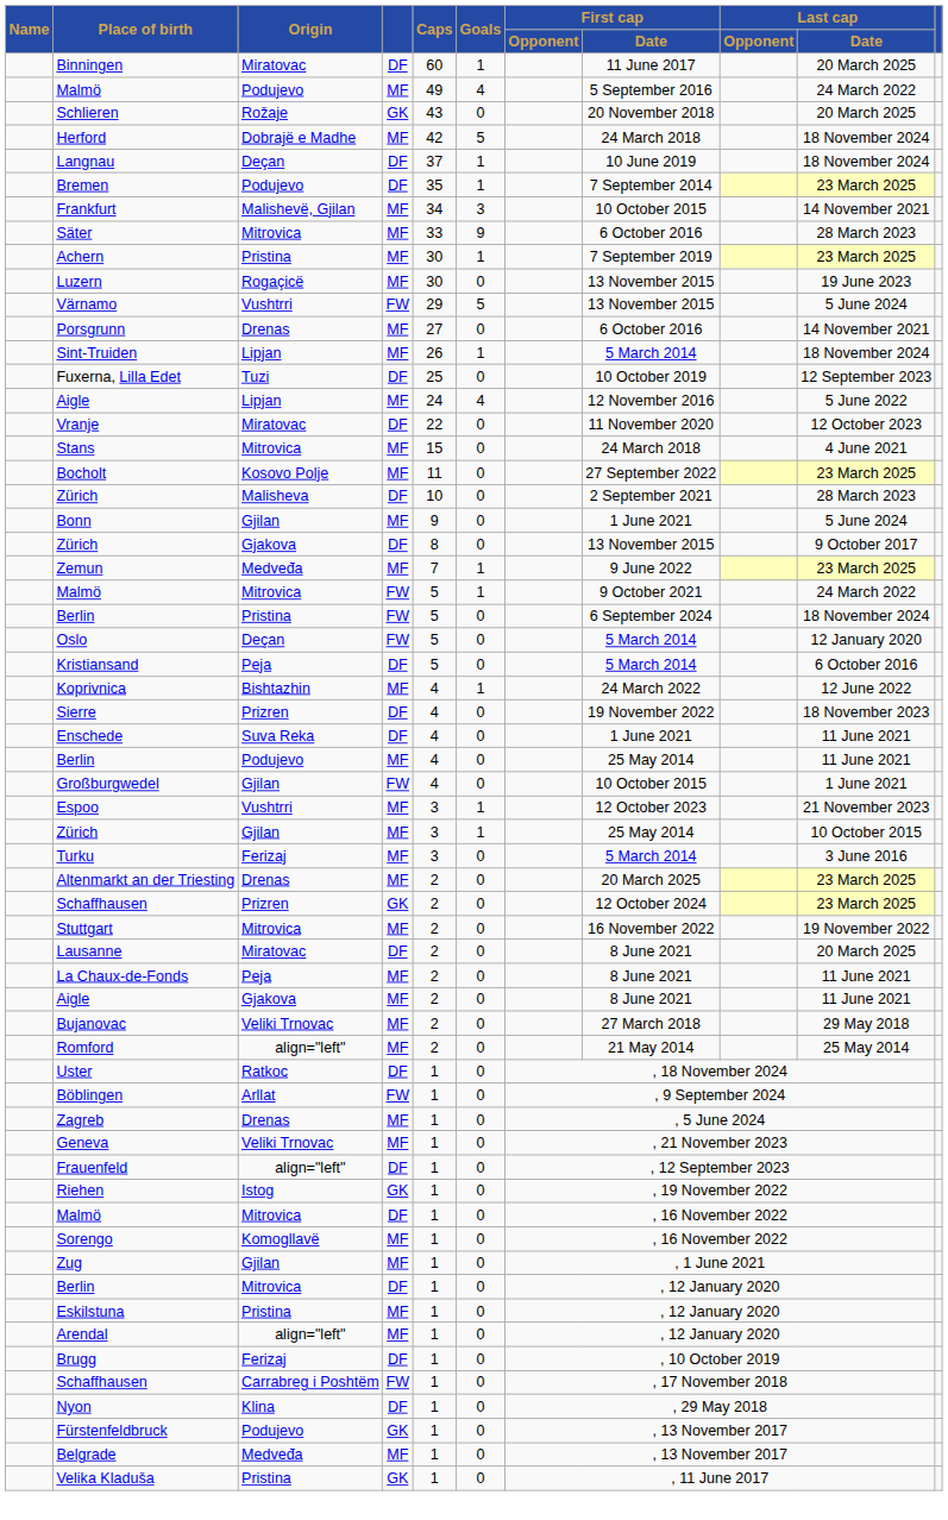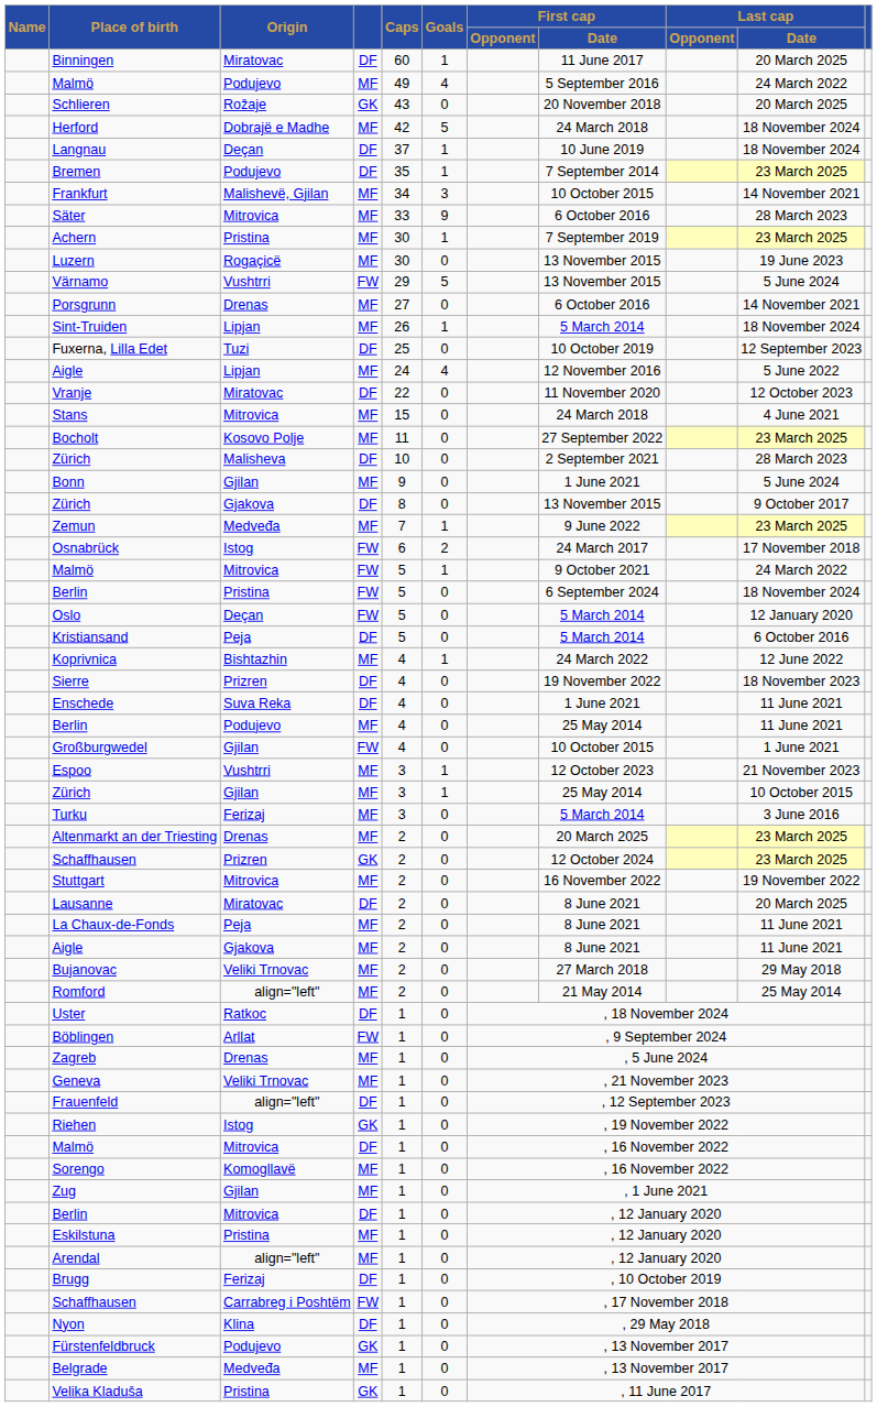 <table class="wikitable" style="text-align: center;font-size:88%;">
 <tr>
 <th rowspan="2" style="background: #244AA5; color: #D0A650;">Name</th>
 <th rowspan="2" style="background: #244AA5; color: #D0A650;">Place of birth</th>
 <th rowspan="2" style="background: #244AA5; color: #D0A650;">Origin</th>
 <th rowspan="2" style="background: #244AA5; color: #D0A650;"></th>
 <th rowspan="2" style="background: #244AA5; color: #D0A650;">Caps</th>
 <th rowspan="2" style="background: #244AA5; color: #D0A650;">Goals</th>
 <th colspan="2" style="background: #244AA5; color: #D0A650;">First cap</th>
 <th colspan="2" style="background: #244AA5; color: #D0A650;">Last cap</th>
 <th rowspan="2" style="background: #244AA5; color: #D0A650;"></th>
 </tr>
 <tr>
 <th style="background: #244AA5; color: #D0A650;">Opponent</th>
 <th style="background: #244AA5; color: #D0A650;">Date</th>
 <th style="background: #244AA5; color: #D0A650;">Opponent</th>
 <th style="background: #244AA5; color: #D0A650;">Date</th>
 </tr>
 <tr>
 <td align="left"><strong></strong></td>
 <td align="left"> <a href='#'>Binningen</a></td>
 <td align="left"><a href='#'>Miratovac</a></td>
 <td><a href='#'>DF</a></td>
 <td>60</td>
 <td>1</td>
 <td align="left"></td>
 <td>11 June 2017</td>
 <td align="left"></td>
 <td>20 March 2025</td>
 <td></td>
 </tr>
 <tr>
 <td align="left"><strong></strong></td>
 <td align="left"> <a href='#'>Malmö</a></td>
 <td align="left"><a href='#'>Podujevo</a></td>
 <td><a href='#'>MF</a></td>
 <td>49</td>
 <td>4</td>
 <td align="left"></td>
 <td>5 September 2016</td>
 <td align="left"></td>
 <td>24 March 2022</td>
 <td></td>
 </tr>
 <tr>
 <td align="left"><strong></strong></td>
 <td align="left"> <a href='#'>Schlieren</a></td>
 <td align="left"><a href='#'>Rožaje</a></td>
 <td><a href='#'>GK</a></td>
 <td>43</td>
 <td>0</td>
 <td align="left"></td>
 <td>20 November 2018</td>
 <td align="left"></td>
 <td>20 March 2025</td>
 <td></td>
 </tr>
 <tr>
 <td align="left"><strong></strong></td>
 <td align="left"> <a href='#'>Herford</a></td>
 <td align="left"><a href='#'>Dobrajë e Madhe</a></td>
 <td><a href='#'>MF</a></td>
 <td>42</td>
 <td>5</td>
 <td align="left"></td>
 <td>24 March 2018</td>
 <td align="left"></td>
 <td>18 November 2024</td>
 <td></td>
 </tr>
 <tr>
 <td align="left"><strong></strong></td>
 <td align="left"> <a href='#'>Langnau</a></td>
 <td align="left"><a href='#'>Deçan</a></td>
 <td><a href='#'>DF</a></td>
 <td>37</td>
 <td>1</td>
 <td align="left"></td>
 <td>10 June 2019</td>
 <td align="left"></td>
 <td>18 November 2024</td>
 <td></td>
 </tr>
 <tr>
 <td align="left"><strong></strong></td>
 <td align="left"> <a href='#'>Bremen</a></td>
 <td align="left"><a href='#'>Podujevo</a></td>
 <td><a href='#'>DF</a></td>
 <td>35</td>
 <td>1</td>
 <td align="left"></td>
 <td>7 September 2014</td>
 <td align="left" bgcolor="#FFFFBB"></td>
 <td bgcolor="#FFFFBB">23 March 2025</td>
 <td></td>
 </tr>
 <tr>
 <td align="left"></td>
 <td align="left"> <a href='#'>Frankfurt</a></td>
 <td align="left"><a href='#'>Malishevë, Gjilan</a></td>
 <td><a href='#'>MF</a></td>
 <td>34</td>
 <td>3</td>
 <td align="left"></td>
 <td>10 October 2015</td>
 <td align="left"></td>
 <td>14 November 2021</td>
 <td></td>
 </tr>
 <tr>
 <td align="left"><strong></strong></td>
 <td align="left"> <a href='#'>Säter</a></td>
 <td align="left"><a href='#'>Mitrovica</a></td>
 <td><a href='#'>MF</a></td>
 <td>33</td>
 <td>9</td>
 <td align="left"></td>
 <td>6 October 2016</td>
 <td align="left"></td>
 <td>28 March 2023</td>
 <td></td>
 </tr>
 <tr>
 <td align="left"><strong></strong></td>
 <td align="left"> <a href='#'>Achern</a></td>
 <td align="left"><a href='#'>Pristina</a></td>
 <td><a href='#'>MF</a></td>
 <td>30</td>
 <td>1</td>
 <td align="left"></td>
 <td>7 September 2019</td>
 <td align="left" bgcolor="#FFFFBB"></td>
 <td bgcolor="#FFFFBB">23 March 2025</td>
 <td></td>
 </tr>
 <tr>
 <td align="left"></td>
 <td align="left"> <a href='#'>Luzern</a></td>
 <td align="left"><a href='#'>Rogaçicë</a></td>
 <td><a href='#'>MF</a></td>
 <td>30</td>
 <td>0</td>
 <td align="left"></td>
 <td>13 November 2015</td>
 <td align="left"></td>
 <td>19 June 2023</td>
 <td></td>
 </tr>
 <tr>
 <td align="left"><strong></strong></td>
 <td align="left"> <a href='#'>Värnamo</a></td>
 <td align="left"><a href='#'>Vushtrri</a></td>
 <td><a href='#'>FW</a></td>
 <td>29</td>
 <td>5</td>
 <td align="left"></td>
 <td>13 November 2015</td>
 <td align="left"></td>
 <td>5 June 2024</td>
 <td></td>
 </tr>
 <tr>
 <td align="left"></td>
 <td align="left"> <a href='#'>Porsgrunn</a></td>
 <td align="left"><a href='#'>Drenas</a></td>
 <td><a href='#'>MF</a></td>
 <td>27</td>
 <td>0</td>
 <td align="left"></td>
 <td>6 October 2016</td>
 <td align="left"></td>
 <td>14 November 2021</td>
 <td></td>
 </tr>
 <tr>
 <td align="left"><strong></strong></td>
 <td align="left"> <a href='#'>Sint-Truiden</a></td>
 <td align="left"><a href='#'>Lipjan</a></td>
 <td><a href='#'>MF</a></td>
 <td>26</td>
 <td>1</td>
 <td align="left"></td>
 <td><a href='#'>5 March 2014</a></td>
 <td align="left"></td>
 <td>18 November 2024</td>
 <td></td>
 </tr>
 <tr>
 <td align="left"></td>
 <td align="left"> Fuxerna, <a href='#'>Lilla Edet</a></td>
 <td align="left"><a href='#'>Tuzi</a></td>
 <td><a href='#'>DF</a></td>
 <td>25</td>
 <td>0</td>
 <td align="left"></td>
 <td>10 October 2019</td>
 <td align="left"></td>
 <td>12 September 2023</td>
 <td></td>
 </tr>
 <tr>
 <td align="left"></td>
 <td align="left"> <a href='#'>Aigle</a></td>
 <td align="left"><a href='#'>Lipjan</a></td>
 <td><a href='#'>MF</a></td>
 <td>24</td>
 <td>4</td>
 <td align="left"></td>
 <td>12 November 2016</td>
 <td align="left"></td>
 <td>5 June 2022</td>
 <td></td>
 </tr>
 <tr>
 <td align="left"></td>
 <td align="left"> <a href='#'>Vranje</a></td>
 <td align="left"><a href='#'>Miratovac</a></td>
 <td><a href='#'>DF</a></td>
 <td>22</td>
 <td>0</td>
 <td align="left"></td>
 <td>11 November 2020</td>
 <td align="left"></td>
 <td>12 October 2023</td>
 <td></td>
 </tr>
 <tr>
 <td align="left"><strong></strong></td>
 <td align="left"> <a href='#'>Stans</a></td>
 <td align="left"><a href='#'>Mitrovica</a></td>
 <td><a href='#'>MF</a></td>
 <td>15</td>
 <td>0</td>
 <td align="left"></td>
 <td>24 March 2018</td>
 <td align="left"></td>
 <td>4 June 2021</td>
 <td></td>
 </tr>
 <tr>
 <td align="left"><strong></strong></td>
 <td align="left"> <a href='#'>Bocholt</a></td>
 <td align="left"><a href='#'>Kosovo Polje</a></td>
 <td><a href='#'>MF</a></td>
 <td>11</td>
 <td>0</td>
 <td align="left"></td>
 <td>27 September 2022</td>
 <td align="left" bgcolor="#FFFFBB"></td>
 <td bgcolor="#FFFFBB">23 March 2025</td>
 <td></td>
 </tr>
 <tr>
 <td align="left"><strong></strong></td>
 <td align="left"> <a href='#'>Zürich</a></td>
 <td align="left"><a href='#'>Malisheva</a></td>
 <td><a href='#'>DF</a></td>
 <td>10</td>
 <td>0</td>
 <td align="left"></td>
 <td>2 September 2021</td>
 <td align="left"></td>
 <td>28 March 2023</td>
 <td></td>
 </tr>
 <tr>
 <td align="left"><strong></strong></td>
 <td align="left"> <a href='#'>Bonn</a></td>
 <td align="left"><a href='#'>Gjilan</a></td>
 <td><a href='#'>MF</a></td>
 <td>9</td>
 <td>0</td>
 <td align="left"></td>
 <td>1 June 2021</td>
 <td align="left"></td>
 <td>5 June 2024</td>
 <td></td>
 </tr>
 <tr>
 <td align="left"></td>
 <td align="left"> <a href='#'>Zürich</a></td>
 <td align="left"><a href='#'>Gjakova</a></td>
 <td><a href='#'>DF</a></td>
 <td>8</td>
 <td>0</td>
 <td align="left"></td>
 <td>13 November 2015</td>
 <td align="left"></td>
 <td>9 October 2017</td>
 <td></td>
 </tr>
 <tr>
 <td align="left"><strong></strong></td>
 <td align="left"> <a href='#'>Zemun</a></td>
 <td align="left"><a href='#'>Medveđa</a></td>
 <td><a href='#'>MF</a></td>
 <td>7</td>
 <td>1</td>
 <td align="left"></td>
 <td>9 June 2022</td>
 <td align="left" bgcolor="#FFFFBB"></td>
 <td bgcolor="#FFFFBB">23 March 2025</td>
+<td></td>
+</tr>
+<tr>
+<td align="left"></td>
+<td align="left"> <a href='#'>Osnabrück</a></td>
+<td align="left"><a href='#'>Istog</a></td>
+<td><a href='#'>FW</a></td>
+<td>6</td>
+<td>2</td>
+<td align="left"></td>
+<td>24 March 2017</td>
+<td align="left"></td>
+<td>17 November 2018</td>
 <td></td>
 </tr>
 <tr>
 <td align="left"></td>
 <td align="left"> <a href='#'>Malmö</a></td>
 <td align="left"><a href='#'>Mitrovica</a></td>
 <td><a href='#'>FW</a></td>
 <td>5</td>
 <td>1</td>
 <td align="left"></td>
 <td>9 October 2021</td>
 <td align="left"></td>
 <td>24 March 2022</td>
 <td></td>
 </tr>
 <tr>
 <td align="left"><strong></strong></td>
 <td align="left"> <a href='#'>Berlin</a></td>
 <td align="left"><a href='#'>Pristina</a></td>
 <td><a href='#'>FW</a></td>
 <td>5</td>
 <td>0</td>
 <td align="left"></td>
 <td>6 September 2024</td>
 <td align="left"></td>
 <td>18 November 2024</td>
 <td></td>
 </tr>
 <tr>
 <td align="left"></td>
 <td align="left"> <a href='#'>Oslo</a></td>
 <td align="left"><a href='#'>Deçan</a></td>
 <td><a href='#'>FW</a></td>
 <td>5</td>
 <td>0</td>
 <td align="left"></td>
 <td><a href='#'>5 March 2014</a></td>
 <td align="left"></td>
 <td>12 January 2020</td>
 <td></td>
 </tr>
 <tr>
 <td align="left"></td>
 <td align="left"> <a href='#'>Kristiansand</a></td>
 <td align="left"><a href='#'>Peja</a></td>
 <td><a href='#'>DF</a></td>
 <td>5</td>
 <td>0</td>
 <td align="left"></td>
 <td><a href='#'>5 March 2014</a></td>
 <td align="left"></td>
 <td>6 October 2016</td>
 <td></td>
 </tr>
 <tr>
 <td align="left"></td>
 <td align="left"> <a href='#'>Koprivnica</a></td>
 <td align="left"><a href='#'>Bishtazhin</a></td>
 <td><a href='#'>MF</a></td>
 <td>4</td>
 <td>1</td>
 <td align="left"></td>
 <td>24 March 2022</td>
 <td align="left"></td>
 <td>12 June 2022</td>
 <td></td>
 </tr>
 <tr>
 <td align="left"><strong></strong></td>
 <td align="left"> <a href='#'>Sierre</a></td>
 <td align="left"><a href='#'>Prizren</a></td>
 <td><a href='#'>DF</a></td>
 <td>4</td>
 <td>0</td>
 <td align="left"></td>
 <td>19 November 2022</td>
 <td align="left"></td>
 <td>18 November 2023</td>
 <td></td>
 </tr>
 <tr>
 <td align="left"></td>
 <td align="left"> <a href='#'>Enschede</a></td>
 <td align="left"><a href='#'>Suva Reka</a></td>
 <td><a href='#'>DF</a></td>
 <td>4</td>
 <td>0</td>
 <td align="left"></td>
 <td>1 June 2021</td>
 <td align="left"></td>
 <td>11 June 2021</td>
 <td></td>
 </tr>
 <tr>
 <td align="left"></td>
 <td align="left"> <a href='#'>Berlin</a></td>
 <td align="left"><a href='#'>Podujevo</a></td>
 <td><a href='#'>MF</a></td>
 <td>4</td>
 <td>0</td>
 <td align="left"></td>
 <td>25 May 2014</td>
 <td align="left"></td>
 <td>11 June 2021</td>
 <td></td>
 </tr>
 <tr>
 <td align="left"></td>
 <td align="left"> <a href='#'>Großburgwedel</a></td>
 <td align="left"><a href='#'>Gjilan</a></td>
 <td><a href='#'>FW</a></td>
 <td>4</td>
 <td>0</td>
 <td align="left"></td>
 <td>10 October 2015</td>
 <td align="left"></td>
 <td>1 June 2021</td>
 <td></td>
 </tr>
 <tr>
 <td align="left"><strong></strong></td>
 <td align="left"> <a href='#'>Espoo</a></td>
 <td align="left"><a href='#'>Vushtrri</a></td>
 <td><a href='#'>MF</a></td>
 <td>3</td>
 <td>1</td>
 <td align="left"></td>
 <td>12 October 2023</td>
 <td align="left"></td>
 <td>21 November 2023</td>
 <td></td>
 </tr>
 <tr>
 <td align="left"></td>
 <td align="left"> <a href='#'>Zürich</a></td>
 <td align="left"><a href='#'>Gjilan</a></td>
 <td><a href='#'>MF</a></td>
 <td>3</td>
 <td>1</td>
 <td align="left"></td>
 <td>25 May 2014</td>
 <td align="left"></td>
 <td>10 October 2015</td>
 <td></td>
 </tr>
 <tr>
 <td align="left"></td>
 <td align="left"> <a href='#'>Turku</a></td>
 <td align="left"><a href='#'>Ferizaj</a></td>
 <td><a href='#'>MF</a></td>
 <td>3</td>
 <td>0</td>
 <td align="left"></td>
 <td><a href='#'>5 March 2014</a></td>
 <td align="left"></td>
 <td>3 June 2016</td>
 <td></td>
 </tr>
 <tr>
 <td align="left"><strong></strong></td>
 <td align="left"> <a href='#'>Altenmarkt an der Triesting</a></td>
 <td align="left"><a href='#'>Drenas</a></td>
 <td><a href='#'>MF</a></td>
 <td>2</td>
 <td>0</td>
 <td align="left"></td>
 <td>20 March 2025</td>
 <td align="left" bgcolor="#FFFFBB"></td>
 <td bgcolor="#FFFFBB">23 March 2025</td>
 <td></td>
 </tr>
 <tr>
 <td align="left"><strong></strong></td>
 <td align="left"> <a href='#'>Schaffhausen</a></td>
 <td align="left"><a href='#'>Prizren</a></td>
 <td><a href='#'>GK</a></td>
 <td>2</td>
 <td>0</td>
 <td align="left"></td>
 <td>12 October 2024</td>
 <td align="left" bgcolor="#FFFFBB"></td>
 <td bgcolor="#FFFFBB">23 March 2025</td>
 <td></td>
 </tr>
 <tr>
 <td align="left"></td>
 <td align="left"> <a href='#'>Stuttgart</a></td>
 <td align="left"><a href='#'>Mitrovica</a></td>
 <td><a href='#'>MF</a></td>
 <td>2</td>
 <td>0</td>
 <td align="left"></td>
 <td>16 November 2022</td>
 <td align="left"></td>
 <td>19 November 2022</td>
 <td></td>
 </tr>
 <tr>
 <td align="left"></td>
 <td align="left"> <a href='#'>Lausanne</a></td>
 <td align="left"><a href='#'>Miratovac</a></td>
 <td><a href='#'>DF</a></td>
 <td>2</td>
 <td>0</td>
 <td align="left"></td>
 <td>8 June 2021</td>
 <td align="left"></td>
 <td>20 March 2025</td>
 <td></td>
 </tr>
 <tr>
 <td align="left"></td>
 <td align="left"> <a href='#'>La Chaux-de-Fonds</a></td>
 <td align="left"><a href='#'>Peja</a></td>
 <td><a href='#'>MF</a></td>
 <td>2</td>
 <td>0</td>
 <td align="left"></td>
 <td>8 June 2021</td>
 <td align="left"></td>
 <td>11 June 2021</td>
 <td></td>
 </tr>
 <tr>
 <td align="left"></td>
 <td align="left"> <a href='#'>Aigle</a></td>
 <td align="left"><a href='#'>Gjakova</a></td>
 <td><a href='#'>MF</a></td>
 <td>2</td>
 <td>0</td>
 <td align="left"></td>
 <td>8 June 2021</td>
 <td align="left"></td>
 <td>11 June 2021</td>
 <td></td>
 </tr>
 <tr>
 <td align="left"></td>
 <td align="left"> <a href='#'>Bujanovac</a></td>
 <td align="left"><a href='#'>Veliki Trnovac</a></td>
 <td><a href='#'>MF</a></td>
 <td>2</td>
 <td>0</td>
 <td align="left"></td>
 <td>27 March 2018</td>
 <td align="left"></td>
 <td>29 May 2018</td>
 <td></td>
 </tr>
 <tr>
 <td align="left"></td>
 <td align="left"> <a href='#'>Romford</a></td>
 <td>align="left" </td>
 <td><a href='#'>MF</a></td>
 <td>2</td>
 <td>0</td>
 <td align="left"></td>
 <td>21 May 2014</td>
 <td align="left"></td>
 <td>25 May 2014</td>
 <td></td>
 </tr>
 <tr>
 <td align="left"><strong></strong></td>
 <td align="left"> <a href='#'>Uster</a></td>
 <td align="left"><a href='#'>Ratkoc</a></td>
 <td><a href='#'>DF</a></td>
 <td>1</td>
 <td>0</td>
 <td align="centre" colspan="4">, 18 November 2024</td>
 <td></td>
 </tr>
 <tr>
 <td align="left"><strong></strong></td>
 <td align="left"> <a href='#'>Böblingen</a></td>
 <td align="left"><a href='#'>Arllat</a></td>
 <td><a href='#'>FW</a></td>
 <td>1</td>
 <td>0</td>
 <td align="centre" colspan="4">, 9 September 2024</td>
 <td></td>
 </tr>
 <tr>
 <td align="left"><strong></strong></td>
 <td align="left"> <a href='#'>Zagreb</a></td>
 <td align="left"><a href='#'>Drenas</a></td>
 <td><a href='#'>MF</a></td>
 <td>1</td>
 <td>0</td>
 <td align="centre" colspan="4">, 5 June 2024</td>
 <td></td>
 </tr>
 <tr>
 <td align="left"><strong></strong></td>
 <td align="left"> <a href='#'>Geneva</a></td>
 <td align="left"><a href='#'>Veliki Trnovac</a></td>
 <td><a href='#'>MF</a></td>
 <td>1</td>
 <td>0</td>
 <td align="centre" colspan="4">, 21 November 2023</td>
 <td></td>
 </tr>
 <tr>
 <td align="left"></td>
 <td align="left"> <a href='#'>Frauenfeld</a></td>
 <td>align="left" </td>
 <td><a href='#'>DF</a></td>
 <td>1</td>
 <td>0</td>
 <td align="centre" colspan="4">, 12 September 2023</td>
 <td></td>
 </tr>
 <tr>
 <td align="left"></td>
 <td align="left"> <a href='#'>Riehen</a></td>
 <td align="left"><a href='#'>Istog</a></td>
 <td><a href='#'>GK</a></td>
 <td>1</td>
 <td>0</td>
 <td align="centre" colspan="4">, 19 November 2022</td>
 <td></td>
 </tr>
 <tr>
 <td align="left"></td>
 <td align="left"> <a href='#'>Malmö</a></td>
 <td align="left"><a href='#'>Mitrovica</a></td>
 <td><a href='#'>DF</a></td>
 <td>1</td>
 <td>0</td>
 <td align="centre" colspan="4">, 16 November 2022</td>
 <td></td>
 </tr>
 <tr>
 <td align="left"></td>
 <td align="left"> <a href='#'>Sorengo</a></td>
 <td align="left"><a href='#'>Komogllavë</a></td>
 <td><a href='#'>MF</a></td>
 <td>1</td>
 <td>0</td>
 <td align="centre" colspan="4">, 16 November 2022</td>
 <td></td>
 </tr>
 <tr>
 <td align="left"></td>
 <td align="left"> <a href='#'>Zug</a></td>
 <td align="left"><a href='#'>Gjilan</a></td>
 <td><a href='#'>MF</a></td>
 <td>1</td>
 <td>0</td>
 <td align="centre" colspan="4">, 1 June 2021</td>
 <td></td>
 </tr>
 <tr>
 <td align="left"></td>
 <td align="left"> <a href='#'>Berlin</a></td>
 <td align="left"><a href='#'>Mitrovica</a></td>
 <td><a href='#'>DF</a></td>
 <td>1</td>
 <td>0</td>
 <td align="centre" colspan="4">, 12 January 2020</td>
 <td></td>
 </tr>
 <tr>
 <td align="left"><strong></strong></td>
 <td align="left"> <a href='#'>Eskilstuna</a></td>
 <td align="left"><a href='#'>Pristina</a></td>
 <td><a href='#'>MF</a></td>
 <td>1</td>
 <td>0</td>
 <td align="centre" colspan="4">, 12 January 2020</td>
 <td></td>
 </tr>
 <tr>
 <td align="left"></td>
 <td align="left"> <a href='#'>Arendal</a></td>
 <td>align="left" </td>
 <td><a href='#'>MF</a></td>
 <td>1</td>
 <td>0</td>
 <td align="centre" colspan="4">, 12 January 2020</td>
 <td></td>
 </tr>
 <tr>
 <td align="left"></td>
 <td align="left"> <a href='#'>Brugg</a></td>
 <td align="left"><a href='#'>Ferizaj</a></td>
 <td><a href='#'>DF</a></td>
 <td>1</td>
 <td>0</td>
 <td align="centre" colspan="4">, 10 October 2019</td>
 <td></td>
 </tr>
 <tr>
 <td align="left"></td>
 <td align="left"> <a href='#'>Schaffhausen</a></td>
 <td align="left"><a href='#'>Carrabreg i Poshtëm</a></td>
 <td><a href='#'>FW</a></td>
 <td>1</td>
 <td>0</td>
 <td align="centre" colspan="4">, 17 November 2018</td>
 <td></td>
 </tr>
 <tr>
 <td align="left"></td>
 <td align="left"> <a href='#'>Nyon</a></td>
 <td align="left"><a href='#'>Klina</a></td>
 <td><a href='#'>DF</a></td>
 <td>1</td>
 <td>0</td>
 <td align="centre" colspan="4">, 29 May 2018</td>
 <td></td>
 </tr>
 <tr>
 <td align="left"></td>
 <td align="left"> <a href='#'>Fürstenfeldbruck</a></td>
 <td align="left"><a href='#'>Podujevo</a></td>
 <td><a href='#'>GK</a></td>
 <td>1</td>
 <td>0</td>
 <td align="centre" colspan="4">, 13 November 2017</td>
 <td></td>
 </tr>
 <tr>
 <td align="left"></td>
 <td align="left"> <a href='#'>Belgrade</a></td>
 <td align="left"><a href='#'>Medveđa</a></td>
 <td><a href='#'>MF</a></td>
 <td>1</td>
 <td>0</td>
 <td align="centre" colspan="4">, 13 November 2017</td>
 <td></td>
 </tr>
 <tr>
 <td align="left"></td>
 <td align="left"> <a href='#'>Velika Kladuša</a></td>
 <td align="left"><a href='#'>Pristina</a> </td>
 <td><a href='#'>GK</a></td>
 <td>1</td>
 <td>0</td>
 <td align="centre" colspan="4">, 11 June 2017</td>
 <td></td>
 </tr>
 </table>
